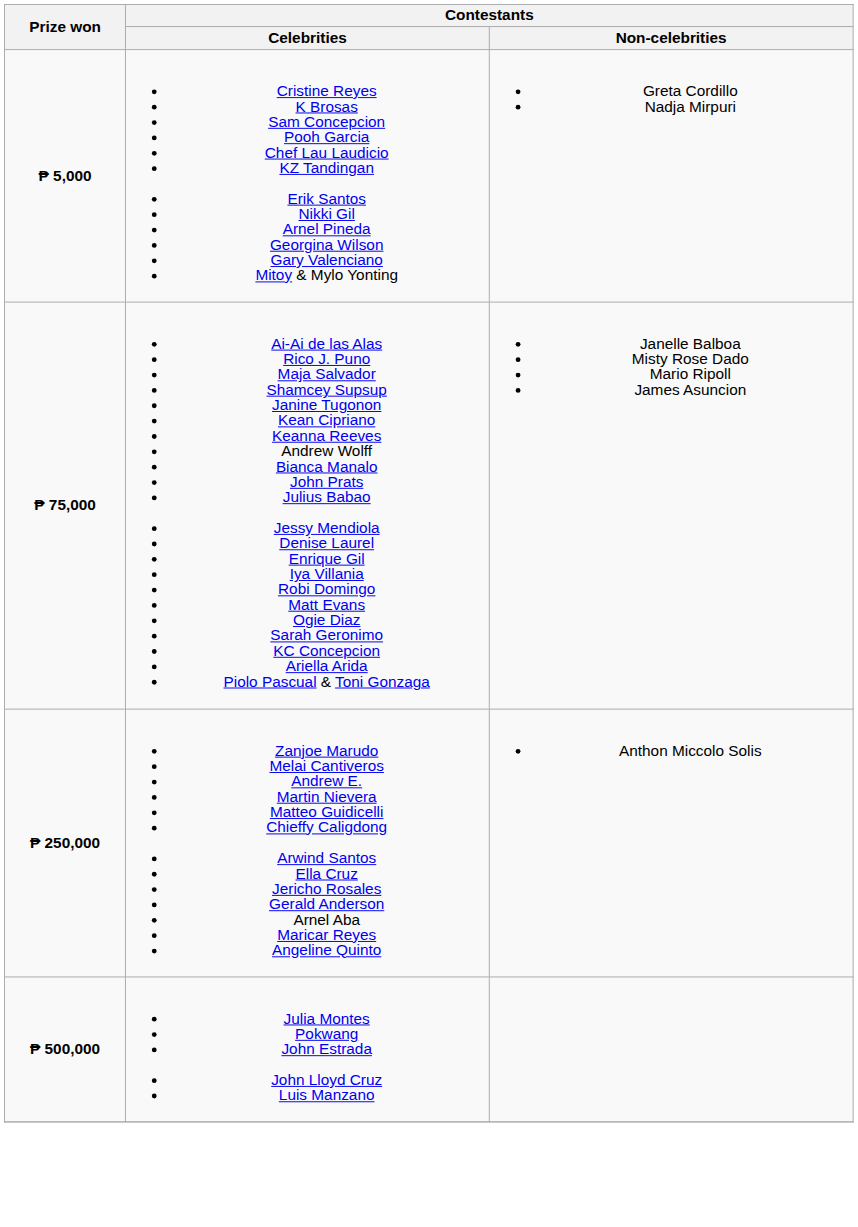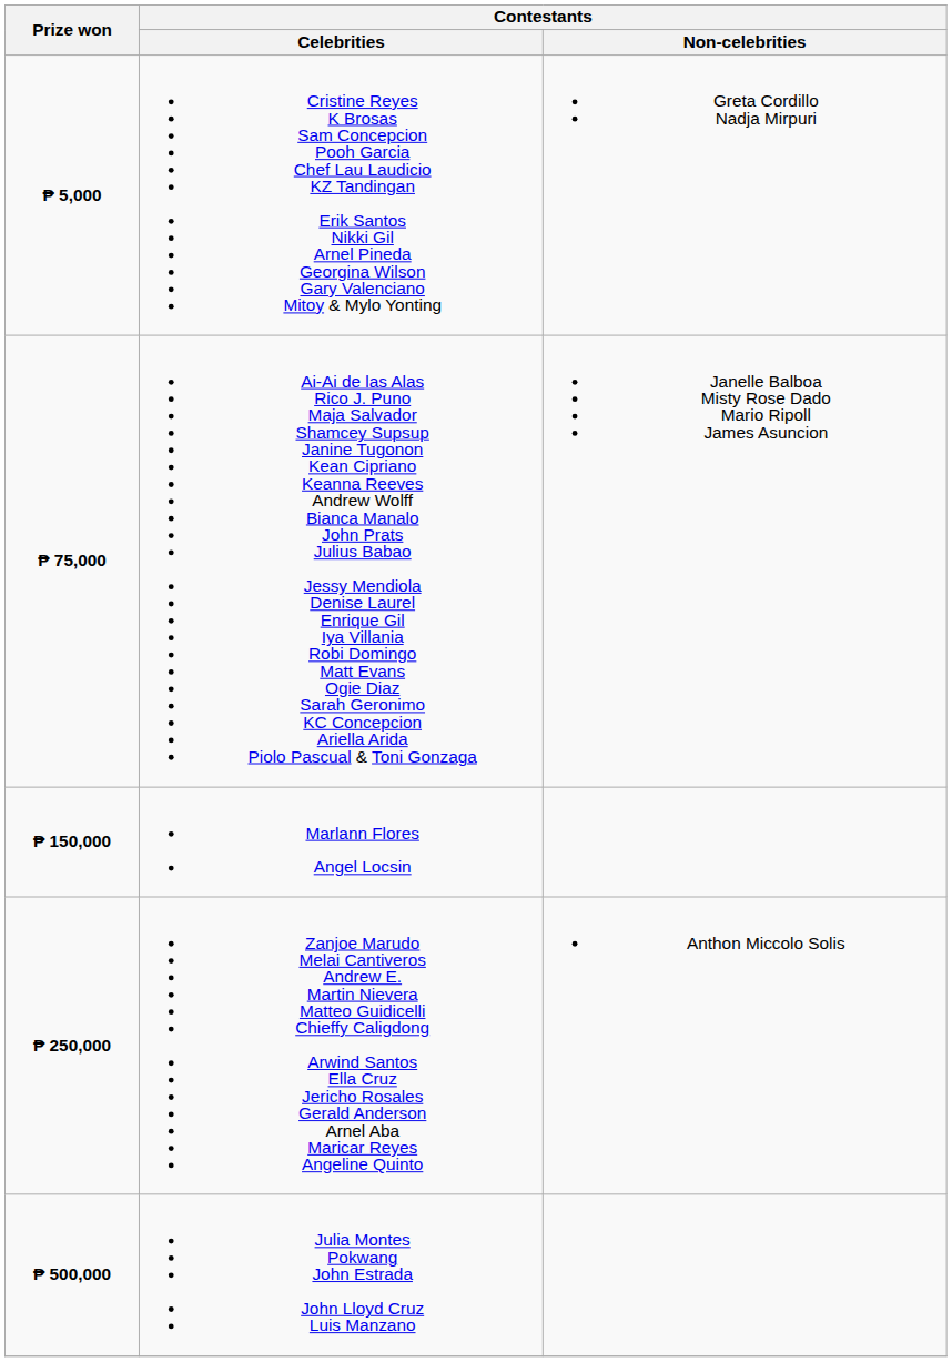 <table class="wikitable" style="text-align:center; line-height:16px; font-size:100%;" width="70%">
 <tr>
 <th width="10%" rowspan="2">Prize won</th>
 <th width="60%" colspan="2">Contestants</th>
 </tr>
 <tr>
 <th width="30%">Celebrities</th>
 <th width="30%">Non-celebrities</th>
 </tr>
 <tr>
 <td><strong>₱ 5,000</strong></td>
 <td valign="top"><br> <ul><li><a href='#'>Cristine Reyes</a></li><li><a href='#'>K Brosas</a></li><li><a href='#'>Sam Concepcion</a></li><li><a href='#'>Pooh Garcia</a></li><li><a href='#'>Chef Lau Laudicio</a></li><li><a href='#'>KZ Tandingan</a></li></ul><ul><li><a href='#'>Erik Santos</a></li><li><a href='#'>Nikki Gil</a></li><li><a href='#'>Arnel Pineda</a></li><li><a href='#'>Georgina Wilson</a></li><li><a href='#'>Gary Valenciano</a></li><li><a href='#'>Mitoy</a> & Mylo Yonting</li></ul></td>
 <td valign="top"><br><ul><li>Greta Cordillo</li><li>Nadja Mirpuri</li></ul></td>
 </tr>
 <tr>
 <td><strong>₱ 75,000</strong></td>
 <td valign="top"><br> <ul><li><a href='#'>Ai-Ai de las Alas</a></li><li><a href='#'>Rico J. Puno</a></li><li><a href='#'>Maja Salvador</a></li><li><a href='#'>Shamcey Supsup</a></li><li><a href='#'>Janine Tugonon</a></li><li><a href='#'>Kean Cipriano</a></li><li><a href='#'>Keanna Reeves</a></li><li>Andrew Wolff</li><li><a href='#'>Bianca Manalo</a></li><li><a href='#'>John Prats</a></li><li><a href='#'>Julius Babao</a></li></ul><ul><li><a href='#'>Jessy Mendiola</a></li><li><a href='#'>Denise Laurel</a></li><li><a href='#'>Enrique Gil</a></li><li><a href='#'>Iya Villania</a></li><li><a href='#'>Robi Domingo</a></li><li><a href='#'>Matt Evans</a></li><li><a href='#'>Ogie Diaz</a></li><li><a href='#'>Sarah Geronimo</a></li><li><a href='#'>KC Concepcion</a></li><li><a href='#'>Ariella Arida</a></li><li><a href='#'>Piolo Pascual</a> & <a href='#'>Toni Gonzaga</a></li></ul></td>
 <td valign="top"><br><ul><li>Janelle Balboa</li><li>Misty Rose Dado</li><li>Mario Ripoll</li><li>James Asuncion</li></ul></td>
 </tr>
 <tr>
+<td><strong>₱ 150,000</strong></td>
+<td valign="top"><br> <ul><li><a href='#'>Marlann Flores</a></li></ul><ul><li><a href='#'>Angel Locsin</a></li></ul></td>
+<td></td>
+</tr>
+<tr>
 <td><strong>₱ 250,000</strong></td>
 <td valign="top"><br> <ul><li><a href='#'>Zanjoe Marudo</a></li><li><a href='#'>Melai Cantiveros</a></li><li><a href='#'>Andrew E.</a></li><li><a href='#'>Martin Nievera</a></li><li><a href='#'>Matteo Guidicelli</a></li><li><a href='#'>Chieffy Caligdong</a></li></ul><ul><li><a href='#'>Arwind Santos</a></li><li><a href='#'>Ella Cruz</a></li><li><a href='#'>Jericho Rosales</a></li><li><a href='#'>Gerald Anderson</a></li><li>Arnel Aba</li><li><a href='#'>Maricar Reyes</a></li><li><a href='#'>Angeline Quinto</a></li></ul></td>
 <td valign="top"><br><ul><li>Anthon Miccolo Solis</li></ul></td>
 </tr>
 <tr>
 <td><strong>₱ 500,000</strong></td>
 <td valign="top"><br> <ul><li><a href='#'>Julia Montes</a></li><li><a href='#'>Pokwang</a></li><li><a href='#'>John Estrada</a></li></ul><ul><li><a href='#'>John Lloyd Cruz</a></li><li><a href='#'>Luis Manzano</a></li></ul></td>
 <td></td>
 </tr>
 <tr>
 </tr>
 </table>
